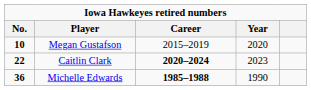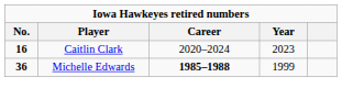 <table class="wikitable sortable" style="text-align:center">
 <tr>
 <td colspan="5"><strong>Iowa Hawkeyes retired numbers</strong></td>
 </tr>
 <tr>
 <th width=40px>No.</th>
 <th width=150px>Player</th>
 <th width=150px>Career</th>
 <th width=60px>Year</th>
 <th width=35px></th>
 </tr>
 <tr>
-<td><strong>10</strong></td>
-<td><a href='#'>Megan Gustafson</a></td>
-<td>2015–2019</td>
-<td>2020</td>
-<td></td>
-</tr>
-<tr>
-<td><strong>22</strong></td>
+<td><strong>16</strong></td>
 <td><a href='#'>Caitlin Clark</a></td>
-<td><strong>2020–2024</strong></td>
+<td>2020–2024</td>
 <td>2023</td>
 <td></td>
 </tr>
 <tr>
 <td><strong>36</strong></td>
 <td><a href='#'>Michelle Edwards</a></td>
 <td><strong>1985–1988</strong></td>
-<td>1990</td>
+<td>1999</td>
 <td></td>
 </tr>
 </table>
